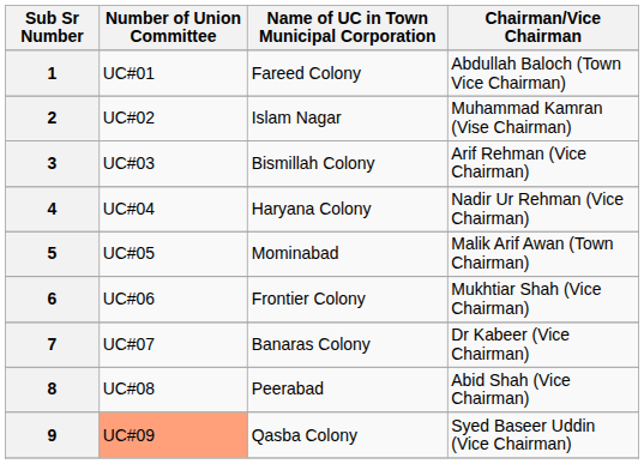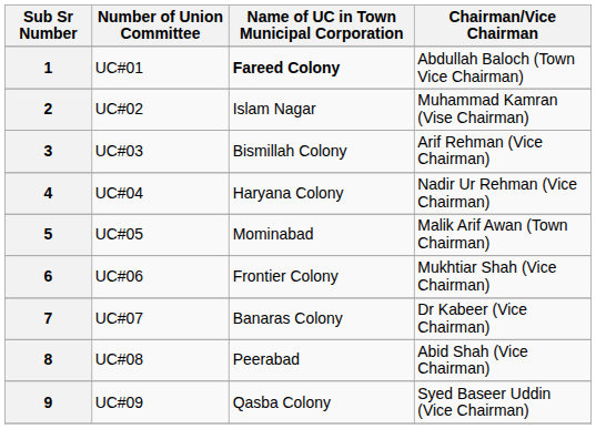 <table class="wikitable">
 <tr>
 <th>Sub Sr Number</th>
 <th>Number of  Union Committee</th>
 <th>Name of UC in Town Municipal Corporation</th>
 <th>Chairman/Vice Chairman</th>
 </tr>
 <tr>
 </tr>
 <tr>
 </tr>
 <tr>
 </tr>
 <tr>
 </tr>
 <tr>
 </tr>
 <tr>
 </tr>
 <tr>
 </tr>
 <tr>
 </tr>
 <tr>
 <th>1</th>
 <td>UC#01</td>
-<td>Fareed Colony</td>
+<td><strong>Fareed Colony</strong></td>
 <td>Abdullah Baloch (Town Vice Chairman)</td>
 </tr>
 <tr>
 </tr>
 <tr>
 </tr>
 <tr>
 </tr>
 <tr>
 </tr>
 <tr>
 </tr>
 <tr>
 <th>2</th>
 <td>UC#02</td>
 <td>Islam Nagar</td>
 <td>Muhammad Kamran (Vise Chairman)</td>
 </tr>
 <tr>
 </tr>
 <tr>
 </tr>
 <tr>
 </tr>
 <tr>
 </tr>
 <tr>
 </tr>
 <tr>
 <th>3</th>
 <td>UC#03</td>
 <td>Bismillah Colony</td>
 <td>Arif Rehman (Vice Chairman)</td>
 </tr>
 <tr>
 </tr>
 <tr>
 </tr>
 <tr>
 </tr>
 <tr>
 </tr>
 <tr>
 </tr>
 <tr>
 <th>4</th>
 <td>UC#04</td>
 <td>Haryana Colony</td>
 <td>Nadir Ur Rehman (Vice Chairman)</td>
 </tr>
 <tr>
 </tr>
 <tr>
 </tr>
 <tr>
 </tr>
 <tr>
 </tr>
 <tr>
 </tr>
 <tr>
 <th>5</th>
 <td>UC#05</td>
 <td>Mominabad</td>
 <td>Malik Arif Awan (Town Chairman)</td>
 </tr>
 <tr>
 </tr>
 <tr>
 </tr>
 <tr>
 </tr>
 <tr>
 </tr>
 <tr>
 </tr>
 <tr>
 <th>6</th>
 <td>UC#06</td>
 <td>Frontier Colony</td>
 <td>Mukhtiar Shah (Vice Chairman)</td>
 </tr>
 <tr>
 </tr>
 <tr>
 </tr>
 <tr>
 </tr>
 <tr>
 </tr>
 <tr>
 </tr>
 <tr>
 <th>7</th>
 <td>UC#07</td>
 <td>Banaras Colony</td>
 <td>Dr Kabeer (Vice Chairman)</td>
 </tr>
 <tr>
 </tr>
 <tr>
 </tr>
 <tr>
 </tr>
 <tr>
 </tr>
 <tr>
 </tr>
 <tr>
 <th>8</th>
 <td>UC#08</td>
 <td>Peerabad</td>
 <td>Abid Shah (Vice Chairman)</td>
 </tr>
 <tr>
 </tr>
 <tr>
 </tr>
 <tr>
 </tr>
 <tr>
 </tr>
 <tr>
 </tr>
 <tr>
 <th>9</th>
-<td style="background: lightsalmon;">UC#09</td>
+<td>UC#09</td>
 <td>Qasba Colony</td>
 <td>Syed Baseer Uddin (Vice Chairman)</td>
 </tr>
 <tr>
 </tr>
 <tr>
 </tr>
 <tr>
 </tr>
 <tr>
 </tr>
 <tr>
 </tr>
 <tr>
 </tr>
 </table>
